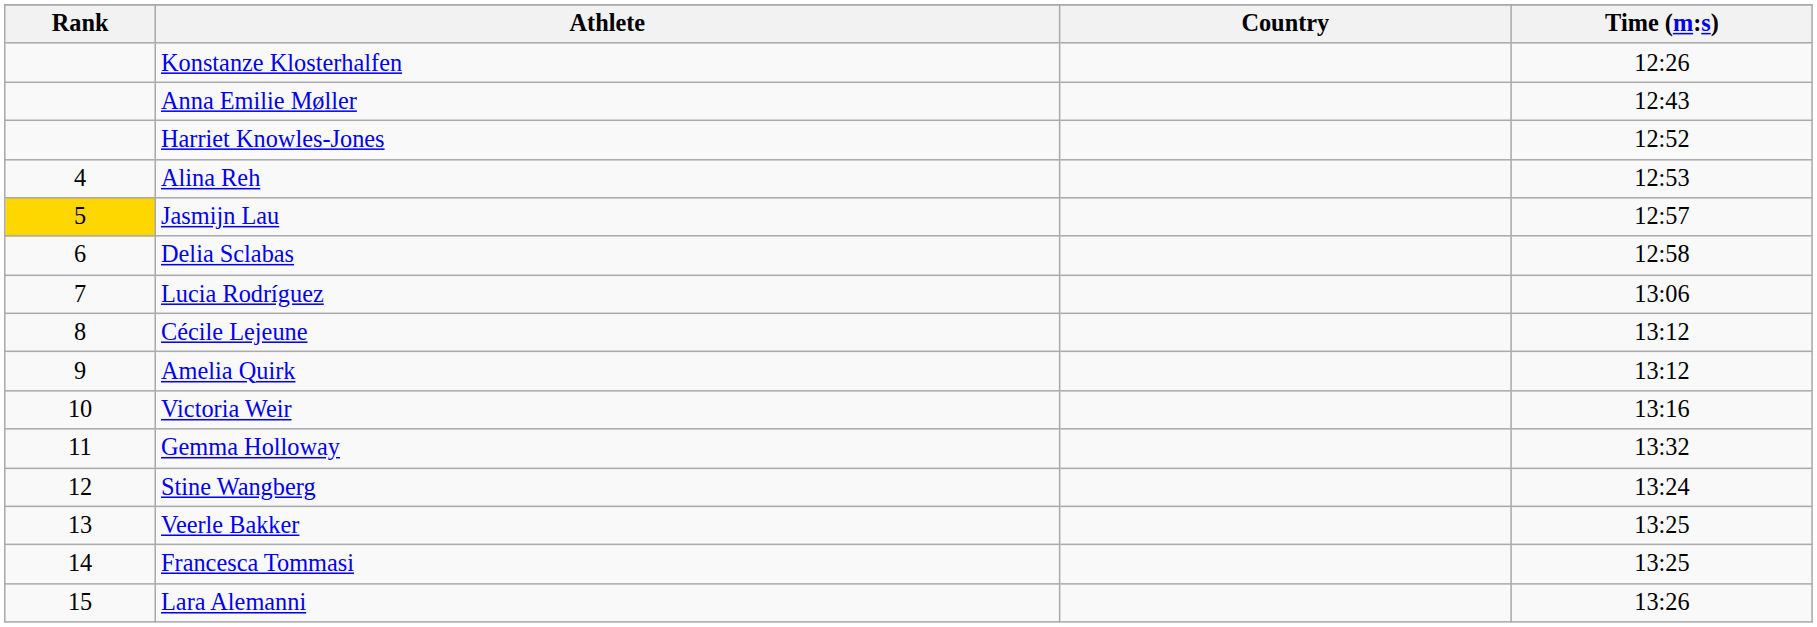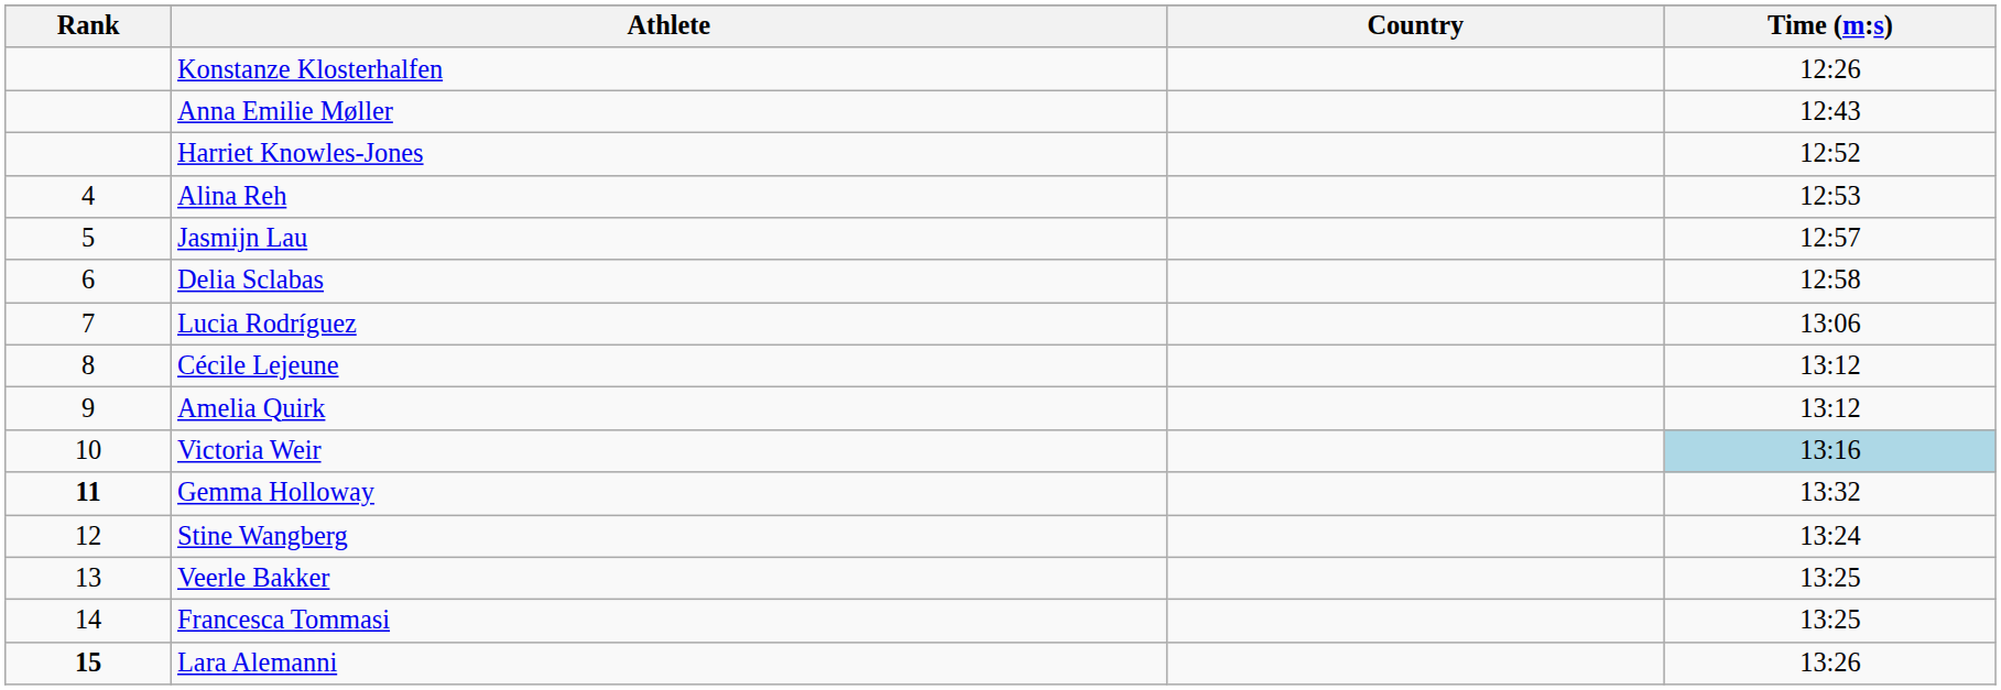 <table class="wikitable" style="text-align:center;" width="60%">
 <tr>
 </tr>
 <tr>
 <th width=5%>Rank</th>
 <th width=30%>Athlete</th>
 <th width=15%>Country</th>
 <th width=10%>Time (<a href='#'>m</a>:<a href='#'>s</a>)</th>
 </tr>
 <tr>
 <td></td>
 <td align=left><a href='#'>Konstanze Klosterhalfen</a></td>
 <td align=left></td>
 <td>12:26</td>
 </tr>
 <tr>
 <td></td>
 <td align=left><a href='#'>Anna Emilie Møller</a></td>
 <td align=left></td>
 <td>12:43</td>
 </tr>
 <tr>
 <td></td>
 <td align=left><a href='#'>Harriet Knowles-Jones</a></td>
 <td align=left></td>
 <td>12:52</td>
 </tr>
 <tr>
 <td>4</td>
 <td align=left><a href='#'>Alina Reh</a></td>
 <td align=left></td>
 <td>12:53</td>
 </tr>
 <tr>
-<td style="background: gold;">5</td>
+<td>5</td>
 <td align=left><a href='#'>Jasmijn Lau</a></td>
 <td align=left></td>
 <td>12:57</td>
 </tr>
 <tr>
 <td>6</td>
 <td align=left><a href='#'>Delia Sclabas</a></td>
 <td align=left></td>
 <td>12:58</td>
 </tr>
 <tr>
 <td>7</td>
 <td align=left><a href='#'>Lucia Rodríguez</a></td>
 <td align=left></td>
 <td>13:06</td>
 </tr>
 <tr>
 <td>8</td>
 <td align=left><a href='#'>Cécile Lejeune</a></td>
 <td align=left></td>
 <td>13:12</td>
 </tr>
 <tr>
 <td>9</td>
 <td align=left><a href='#'>Amelia Quirk</a></td>
 <td align=left></td>
 <td>13:12</td>
 </tr>
 <tr>
 <td>10</td>
 <td align=left><a href='#'>Victoria Weir</a></td>
 <td align=left></td>
-<td>13:16</td>
+<td style="background: lightblue;">13:16</td>
 </tr>
 <tr>
-<td>11</td>
+<td><strong>11</strong></td>
 <td align=left><a href='#'>Gemma Holloway</a></td>
 <td align=left></td>
 <td>13:32</td>
 </tr>
 <tr>
 <td>12</td>
 <td align=left><a href='#'>Stine Wangberg</a></td>
 <td align=left></td>
 <td>13:24</td>
 </tr>
 <tr>
 <td>13</td>
 <td align=left><a href='#'>Veerle Bakker</a></td>
 <td align=left></td>
 <td>13:25</td>
 </tr>
 <tr>
 <td>14</td>
 <td align=left><a href='#'>Francesca Tommasi</a></td>
 <td align=left></td>
 <td>13:25</td>
 </tr>
 <tr>
-<td>15</td>
+<td><strong>15</strong></td>
 <td align=left><a href='#'>Lara Alemanni</a></td>
 <td align=left></td>
 <td>13:26</td>
 </tr>
 </table>
